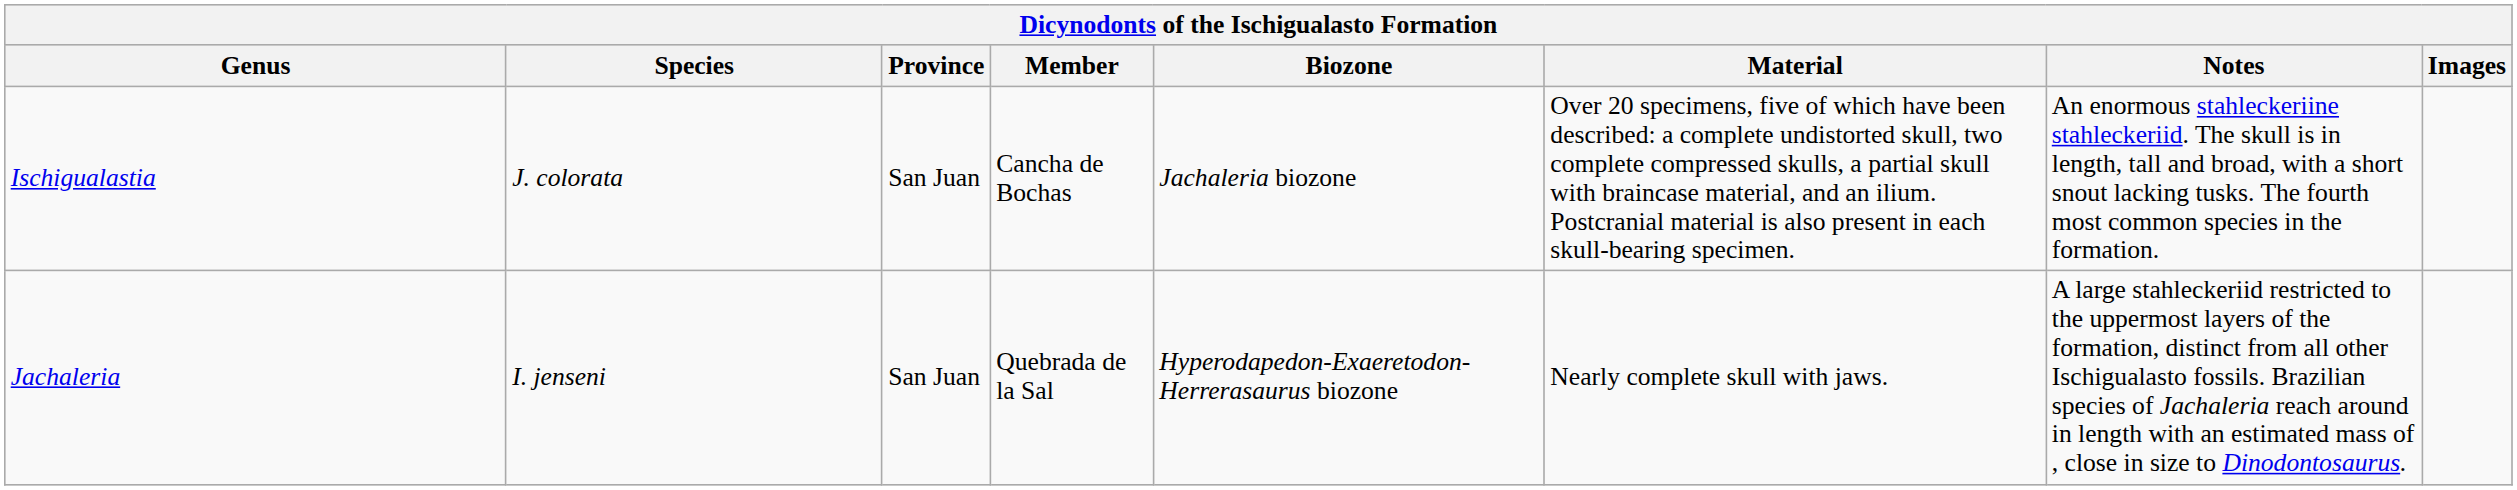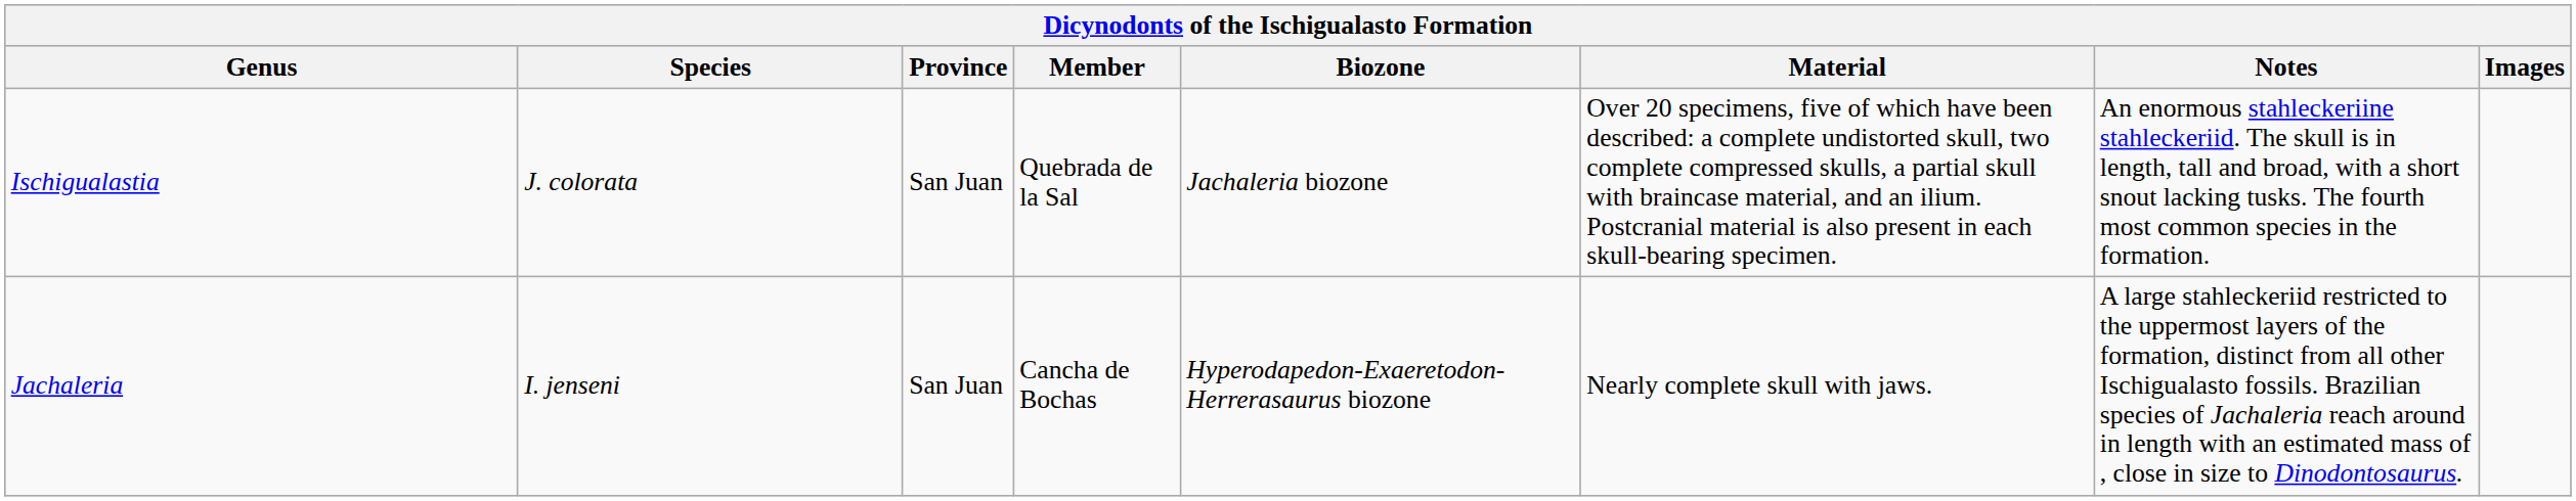 <table class="wikitable" align="center">
 <tr>
 <th colspan="8" align="center"><a href='#'>Dicynodonts</a> of the Ischigualasto Formation</th>
 </tr>
 <tr>
 <th width="20%">Genus</th>
 <th width="15%">Species</th>
 <th>Province</th>
 <th>Member</th>
 <th>Biozone</th>
 <th width="20%">Material</th>
 <th width="15%">Notes</th>
 <th>Images</th>
 </tr>
 <tr>
 <td><em><a href='#'>Ischigualastia</a></em></td>
 <td><em>J. colorata</em></td>
 <td>San Juan</td>
-<td>Cancha de Bochas</td>
+<td>Quebrada de la Sal</td>
 <td><em>Jachaleria</em> biozone</td>
 <td>Over 20 specimens, five of which have been described: a complete undistorted skull, two complete compressed skulls, a partial skull with braincase material, and an ilium. Postcranial material is also present in each skull-bearing specimen.</td>
 <td>An enormous <a href='#'>stahleckeriine</a> <a href='#'>stahleckeriid</a>. The skull is  in length, tall and broad, with a short snout lacking tusks. The fourth most common species in the formation.</td>
 <td></td>
 </tr>
 <tr>
 <td><em><a href='#'>Jachaleria</a></em></td>
 <td><em>I. jenseni</em></td>
 <td>San Juan</td>
-<td>Quebrada de la Sal</td>
+<td>Cancha de Bochas</td>
 <td><em>Hyperodapedon</em>-<em>Exaeretodon</em>-<em>Herrerasaurus</em> biozone</td>
 <td>Nearly complete skull with jaws.</td>
 <td>A large stahleckeriid restricted to the uppermost layers of the formation, distinct from all other Ischigualasto fossils. Brazilian species of <em>Jachaleria</em> reach around  in length with an estimated mass of , close in size to <em><a href='#'>Dinodontosaurus</a>.</em></td>
 <td></td>
 </tr>
 </table>
